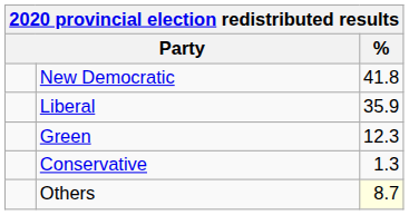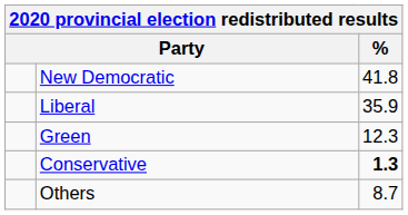 <table class="wikitable">
 <tr>
 <th colspan="4"><a href='#'>2020 provincial election</a> redistributed results</th>
 </tr>
 <tr>
 <th bgcolor="#DDDDFF" width="130px" colspan="2">Party</th>
 <th bgcolor="#DDDDFF" width="30px">%</th>
 </tr>
 <tr>
 <td> </td>
 <td><a href='#'>New Democratic</a></td>
 <td align=right>41.8</td>
 </tr>
 <tr>
 <td> </td>
 <td><a href='#'>Liberal</a></td>
 <td align=right>35.9</td>
 </tr>
 <tr>
 <td> </td>
 <td><a href='#'>Green</a></td>
 <td align=right>12.3</td>
 </tr>
 <tr>
 <td> </td>
 <td><a href='#'>Conservative</a></td>
-<td align=right>1.3</td>
+<td align=right><strong>1.3</strong></td>
 </tr>
 <tr>
 <td> </td>
 <td>Others</td>
-<td align=right style="background: lightyellow;">8.7</td>
+<td align=right>8.7</td>
 </tr>
 </table>
